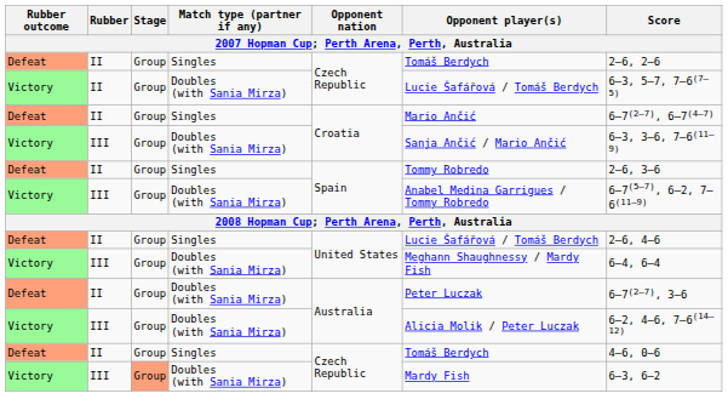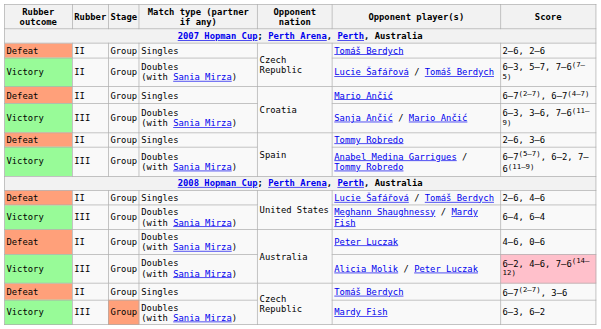 <table class="wikitable">
 <tr>
 <th>Rubber outcome</th>
 <th>Rubber</th>
 <th>Stage</th>
 <th>Match type (partner if any)</th>
 <th>Opponent nation</th>
 <th>Opponent player(s)</th>
 <th>Score</th>
 </tr>
 <tr>
 <th colspan="7"><a href='#'>2007 Hopman Cup</a>; <a href='#'>Perth Arena</a>, <a href='#'>Perth</a>, Australia</th>
 </tr>
 <tr>
 <td bgcolor="FFA07A">Defeat</td>
 <td>II</td>
 <td>Group</td>
 <td>Singles</td>
 <td rowspan=2> Czech Republic</td>
 <td><a href='#'>Tomáš Berdych</a></td>
 <td>2–6, 2–6</td>
 </tr>
 <tr>
 <td bgcolor="98FB98">Victory</td>
 <td>II</td>
 <td>Group</td>
 <td>Doubles <br> (with <a href='#'>Sania Mirza</a>)</td>
 <td><a href='#'>Lucie Šafářová</a> / <a href='#'>Tomáš Berdych</a></td>
 <td>6–3, 5–7, 7–6<sup>(7–5)</sup></td>
 </tr>
 <tr>
 <td bgcolor="FFA07A">Defeat</td>
 <td>II</td>
 <td>Group</td>
 <td>Singles</td>
 <td rowspan=2> Croatia</td>
 <td><a href='#'>Mario Ančić</a></td>
 <td>6–7<sup>(2–7)</sup>, 6–7<sup>(4–7)</sup></td>
 </tr>
 <tr>
 <td bgcolor="98FB98">Victory</td>
 <td>III</td>
 <td>Group</td>
 <td>Doubles <br> (with <a href='#'>Sania Mirza</a>)</td>
 <td><a href='#'>Sanja Ančić</a> / <a href='#'>Mario Ančić</a></td>
 <td>6–3, 3–6, 7–6<sup>(11–9)</sup></td>
 </tr>
 <tr>
 <td bgcolor="FFA07A">Defeat</td>
 <td>II</td>
 <td>Group</td>
 <td>Singles</td>
 <td rowspan=2> Spain</td>
 <td><a href='#'>Tommy Robredo</a></td>
 <td>2–6, 3–6</td>
 </tr>
 <tr>
 <td bgcolor="98FB98">Victory</td>
 <td>III</td>
 <td>Group</td>
 <td>Doubles <br> (with <a href='#'>Sania Mirza</a>)</td>
 <td><a href='#'>Anabel Medina Garrigues</a> / <a href='#'>Tommy Robredo</a></td>
 <td>6–7<sup>(5–7)</sup>, 6–2, 7–6<sup>(11–9)</sup></td>
 </tr>
 <tr>
 <th colspan="7"><a href='#'>2008 Hopman Cup</a>; <a href='#'>Perth Arena</a>, <a href='#'>Perth</a>, Australia</th>
 </tr>
 <tr>
 <td bgcolor="FFA07A">Defeat</td>
 <td>II</td>
 <td>Group</td>
 <td>Singles</td>
 <td rowspan=2> United States</td>
 <td><a href='#'>Lucie Šafářová</a> / <a href='#'>Tomáš Berdych</a></td>
 <td>2–6, 4–6</td>
 </tr>
 <tr>
 <td bgcolor="98FB98">Victory</td>
 <td>III</td>
 <td>Group</td>
 <td>Doubles <br> (with <a href='#'>Sania Mirza</a>)</td>
 <td><a href='#'>Meghann Shaughnessy</a> / <a href='#'>Mardy Fish</a></td>
 <td>6–4, 6–4</td>
 </tr>
 <tr>
 <td bgcolor="FFA07A">Defeat</td>
 <td>II</td>
 <td>Group</td>
 <td>Doubles <br> (with <a href='#'>Sania Mirza</a>)</td>
 <td rowspan=2> Australia</td>
 <td><a href='#'>Peter Luczak</a></td>
-<td>6–7<sup>(2–7)</sup>, 3–6</td>
+<td>4–6, 0–6</td>
 </tr>
 <tr>
 <td bgcolor="98FB98">Victory</td>
 <td>III</td>
 <td>Group</td>
 <td>Doubles <br> (with <a href='#'>Sania Mirza</a>)</td>
 <td><a href='#'>Alicia Molik</a> / <a href='#'>Peter Luczak</a></td>
-<td>6–2, 4–6, 7–6<sup>(14–12)</sup></td>
+<td style="background: pink;">6–2, 4–6, 7–6<sup>(14–12)</sup></td>
 </tr>
 <tr>
 <td bgcolor="FFA07A">Defeat</td>
 <td>II</td>
 <td>Group</td>
 <td>Singles</td>
 <td rowspan=2> Czech Republic</td>
 <td><a href='#'>Tomáš Berdych</a></td>
-<td>4–6, 0–6</td>
+<td>6–7<sup>(2–7)</sup>, 3–6</td>
 </tr>
 <tr>
 <td bgcolor="98FB98">Victory</td>
 <td>III</td>
 <td style="background: lightsalmon;">Group</td>
 <td>Doubles <br> (with <a href='#'>Sania Mirza</a>)</td>
 <td><a href='#'>Mardy Fish</a></td>
 <td>6–3, 6–2</td>
 </tr>
 </table>
